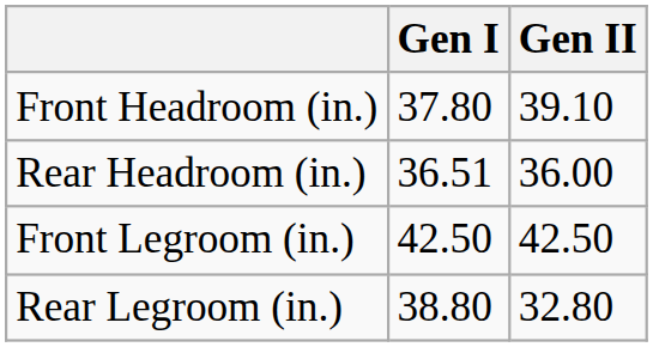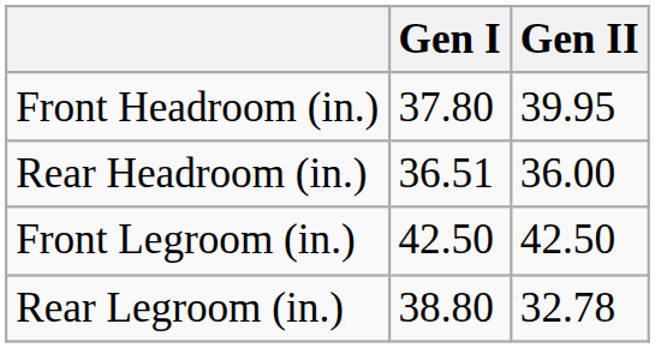 <table class="wikitable" style="right: 4em; :">
 <tr>
 <th></th>
 <th>Gen I</th>
 <th>Gen II</th>
 </tr>
 <tr>
 <td>Front Headroom (in.)</td>
 <td>37.80</td>
-<td>39.10</td>
+<td>39.95</td>
 </tr>
 <tr>
 <td>Rear Headroom (in.)</td>
 <td>36.51</td>
 <td>36.00</td>
 </tr>
 <tr>
 <td>Front Legroom (in.)</td>
 <td>42.50</td>
 <td>42.50</td>
 </tr>
 <tr>
 <td>Rear Legroom (in.)</td>
 <td>38.80</td>
-<td>32.80</td>
+<td>32.78</td>
 </tr>
 </table>
